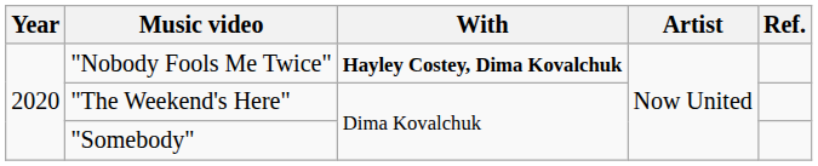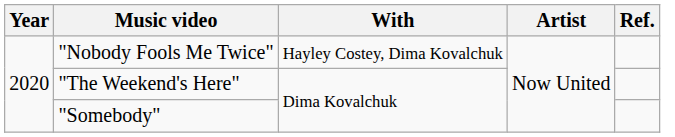 <table class="wikitable">
 <tr>
 <th>Year</th>
 <th>Music video</th>
 <th>With</th>
 <th>Artist</th>
 <th>Ref.</th>
 </tr>
 <tr>
 <td rowspan="3">2020</td>
 <td>"Nobody Fools Me Twice"</td>
-<td><strong><small>Hayley Costey, Dima Kovalchuk</small></strong></td>
+<td><small>Hayley Costey, Dima Kovalchuk</small></td>
 <td rowspan="3">Now United</td>
 <td></td>
 </tr>
 <tr>
 <td>"The Weekend's Here"</td>
 <td rowspan="2"><small>Dima Kovalchuk</small></td>
 <td></td>
 </tr>
 <tr>
 <td>"Somebody"</td>
 <td></td>
 </tr>
 </table>
